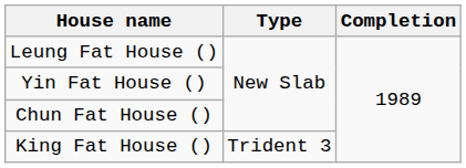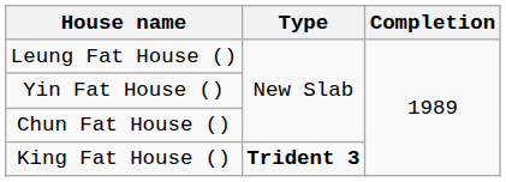 <table class="wikitable" style="text-align: center;">
 <tr>
 <th>House name</th>
 <th>Type</th>
 <th>Completion</th>
 </tr>
 <tr>
 <td>Leung Fat House ()</td>
 <td rowspan="3">New Slab</td>
 <td rowspan="4">1989</td>
 </tr>
 <tr>
 <td>Yin Fat House ()</td>
 </tr>
 <tr>
 <td>Chun Fat House ()</td>
 </tr>
 <tr>
 <td>King Fat House ()</td>
-<td>Trident 3</td>
+<td><strong>Trident 3</strong></td>
 </tr>
 </table>
